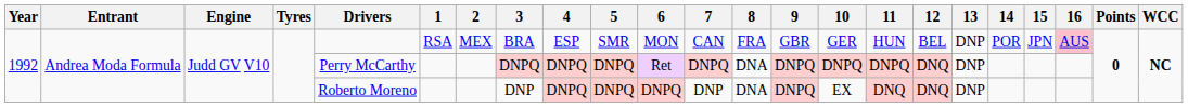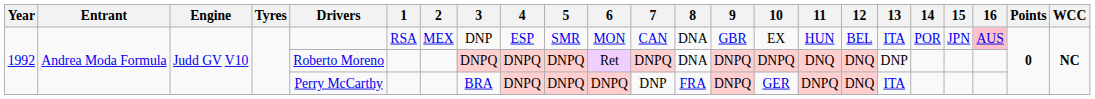 <table class="wikitable" style="text-align:center; font-size:95%">
 <tr>
 <th>Year</th>
 <th>Entrant</th>
 <th>Engine</th>
 <th>Tyres</th>
 <th>Drivers</th>
 <th>1</th>
 <th>2</th>
 <th>3</th>
 <th>4</th>
 <th>5</th>
 <th>6</th>
 <th>7</th>
 <th>8</th>
 <th>9</th>
 <th>10</th>
 <th>11</th>
 <th>12</th>
 <th>13</th>
 <th>14</th>
 <th>15</th>
 <th>16</th>
 <th>Points</th>
 <th>WCC</th>
 </tr>
 <tr>
 <td rowspan="3"><a href='#'>1992</a></td>
 <td rowspan="3"><a href='#'>Andrea Moda Formula</a></td>
 <td rowspan="3"><a href='#'>Judd GV</a> <a href='#'>V10</a></td>
 <td rowspan="3"></td>
 <td></td>
 <td><a href='#'>RSA</a></td>
 <td><a href='#'>MEX</a></td>
-<td><a href='#'>BRA</a></td>
+<td>DNP</td>
 <td><a href='#'>ESP</a></td>
 <td><a href='#'>SMR</a></td>
 <td><a href='#'>MON</a></td>
 <td><a href='#'>CAN</a></td>
-<td><a href='#'>FRA</a></td>
+<td>DNA</td>
 <td><a href='#'>GBR</a></td>
-<td><a href='#'>GER</a></td>
+<td>EX</td>
 <td><a href='#'>HUN</a></td>
 <td><a href='#'>BEL</a></td>
-<td>DNP</td>
+<td><a href='#'>ITA</a></td>
 <td><a href='#'>POR</a></td>
 <td><a href='#'>JPN</a></td>
 <td style="background: pink;"><a href='#'>AUS</a></td>
 <td rowspan="3"><strong>0</strong></td>
 <td rowspan="3"><strong>NC</strong></td>
 </tr>
 <tr>
-<td><a href='#'>Perry McCarthy</a></td>
+<td><a href='#'>Roberto Moreno</a></td>
 <td></td>
 <td></td>
 <td style="background:#FFCFCF;">DNPQ</td>
 <td style="background:#FFCFCF;">DNPQ</td>
 <td style="background:#FFCFCF;">DNPQ</td>
 <td style="background:#EFCFFF;">Ret</td>
 <td style="background:#FFCFCF;">DNPQ</td>
 <td>DNA</td>
 <td style="background:#FFCFCF;">DNPQ</td>
 <td style="background:#FFCFCF;">DNPQ</td>
-<td style="background:#FFCFCF;">DNPQ</td>
+<td style="background:#FFCFCF;">DNQ</td>
 <td style="background:#FFCFCF;">DNQ</td>
 <td>DNP</td>
 <td></td>
 <td></td>
 <td></td>
 </tr>
 <tr>
-<td><a href='#'>Roberto Moreno</a></td>
+<td><a href='#'>Perry McCarthy</a></td>
 <td></td>
 <td></td>
-<td>DNP</td>
+<td><a href='#'>BRA</a></td>
 <td style="background:#FFCFCF;">DNPQ</td>
 <td style="background:#FFCFCF;">DNPQ</td>
 <td style="background:#FFCFCF;">DNPQ</td>
 <td>DNP</td>
-<td>DNA</td>
+<td><a href='#'>FRA</a></td>
 <td style="background:#FFCFCF;">DNPQ</td>
-<td>EX</td>
+<td><a href='#'>GER</a></td>
+<td style="background:#FFCFCF;">DNPQ</td>
 <td style="background:#FFCFCF;">DNQ</td>
-<td style="background:#FFCFCF;">DNQ</td>
-<td>DNP</td>
+<td><a href='#'>ITA</a></td>
 <td></td>
 <td></td>
 <td></td>
 </tr>
 </table>
